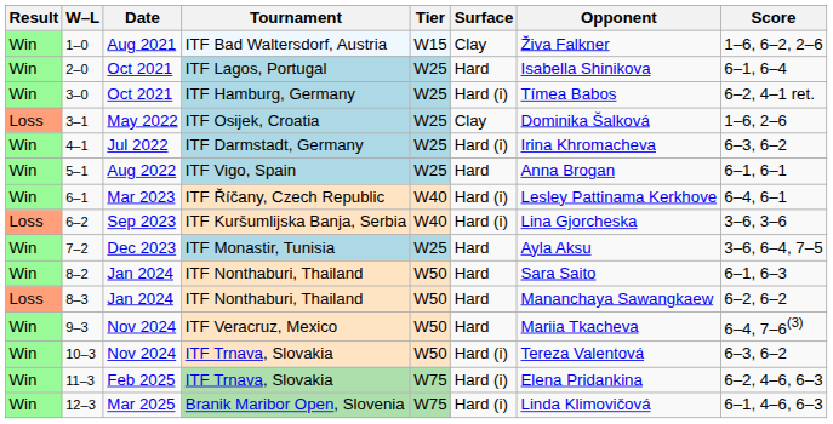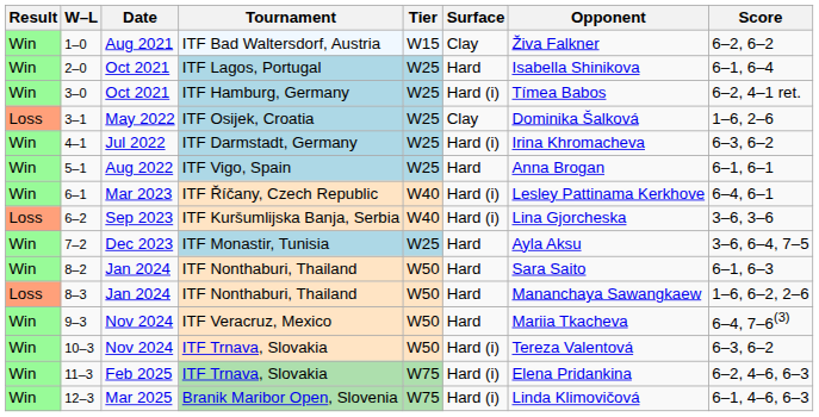 <table class="sortable wikitable">
 <tr>
 <th>Result</th>
 <th class="unsortable">W–L</th>
 <th>Date</th>
 <th>Tournament</th>
 <th>Tier</th>
 <th>Surface</th>
 <th>Opponent</th>
 <th class="unsortable">Score</th>
 </tr>
 <tr>
 <td style="background:#98fb98;">Win</td>
 <td><small>1–0</small></td>
 <td><a href='#'>Aug 2021</a></td>
 <td style="background:#f0f8ff;">ITF Bad Waltersdorf, Austria</td>
 <td style="background:#f0f8ff;">W15</td>
 <td>Clay</td>
 <td> <a href='#'>Živa Falkner</a></td>
-<td>1–6, 6–2, 2–6</td>
+<td>6–2, 6–2</td>
 </tr>
 <tr>
 <td style="background:#98fb98;">Win</td>
 <td><small>2–0</small></td>
 <td><a href='#'>Oct 2021</a></td>
 <td style="background:lightblue;">ITF Lagos, Portugal</td>
 <td style="background:lightblue;">W25</td>
 <td>Hard</td>
 <td> <a href='#'>Isabella Shinikova</a></td>
 <td>6–1, 6–4</td>
 </tr>
 <tr>
 <td style="background:#98fb98;">Win</td>
 <td><small>3–0</small></td>
 <td><a href='#'>Oct 2021</a></td>
 <td style="background:lightblue;">ITF Hamburg, Germany</td>
 <td style="background:lightblue;">W25</td>
 <td>Hard (i)</td>
 <td> <a href='#'>Tímea Babos</a></td>
 <td>6–2, 4–1 ret.</td>
 </tr>
 <tr>
 <td style="background:#ffa07a">Loss</td>
 <td><small>3–1</small></td>
 <td><a href='#'>May 2022</a></td>
 <td style="background:lightblue;">ITF Osijek, Croatia</td>
 <td style="background:lightblue;">W25</td>
 <td>Clay</td>
 <td> <a href='#'>Dominika Šalková</a></td>
 <td>1–6, 2–6</td>
 </tr>
 <tr>
 <td style="background:#98fb98;">Win</td>
 <td><small>4–1</small></td>
 <td><a href='#'>Jul 2022</a></td>
 <td style="background:lightblue;">ITF Darmstadt, Germany</td>
 <td style="background:lightblue;">W25</td>
 <td>Hard (i)</td>
 <td> <a href='#'>Irina Khromacheva</a></td>
 <td>6–3, 6–2</td>
 </tr>
 <tr>
 <td style="background:#98fb98;">Win</td>
 <td><small>5–1</small></td>
 <td><a href='#'>Aug 2022</a></td>
 <td style="background:lightblue;">ITF Vigo, Spain</td>
 <td style="background:lightblue;">W25</td>
 <td>Hard</td>
 <td> <a href='#'>Anna Brogan</a></td>
 <td>6–1, 6–1</td>
 </tr>
 <tr>
 <td style="background:#98fb98;">Win</td>
 <td><small>6–1</small></td>
 <td><a href='#'>Mar 2023</a></td>
 <td style="background:#ffe4c4;">ITF Říčany, Czech Republic</td>
 <td style="background:#ffe4c4;">W40</td>
 <td>Hard (i)</td>
 <td> <a href='#'>Lesley Pattinama Kerkhove</a></td>
 <td>6–4, 6–1</td>
 </tr>
 <tr>
 <td style="background:#ffa07a">Loss</td>
 <td><small>6–2</small></td>
 <td><a href='#'>Sep 2023</a></td>
 <td style="background:#ffe4c4;">ITF Kuršumlijska Banja, Serbia</td>
 <td style="background:#ffe4c4;">W40</td>
 <td>Hard (i)</td>
 <td> <a href='#'>Lina Gjorcheska</a></td>
 <td>3–6, 3–6</td>
 </tr>
 <tr>
 <td style="background:#98fb98;">Win</td>
 <td><small>7–2</small></td>
 <td><a href='#'>Dec 2023</a></td>
 <td style="background:lightblue;">ITF Monastir, Tunisia</td>
 <td style="background:lightblue;">W25</td>
 <td>Hard</td>
 <td> <a href='#'>Ayla Aksu</a></td>
 <td>3–6, 6–4, 7–5</td>
 </tr>
 <tr>
 <td style="background:#98fb98;">Win</td>
 <td><small>8–2</small></td>
 <td><a href='#'>Jan 2024</a></td>
 <td style="background:#ffe4c4;">ITF Nonthaburi, Thailand</td>
 <td style="background:#ffe4c4;">W50</td>
 <td>Hard</td>
 <td> <a href='#'>Sara Saito</a></td>
 <td>6–1, 6–3</td>
 </tr>
 <tr>
 <td style="background:#ffa07a;">Loss</td>
 <td><small>8–3</small></td>
 <td><a href='#'>Jan 2024</a></td>
 <td style="background:#ffe4c4;">ITF Nonthaburi, Thailand</td>
 <td style="background:#ffe4c4;">W50</td>
 <td>Hard</td>
 <td> <a href='#'>Mananchaya Sawangkaew</a></td>
-<td>6–2, 6–2</td>
+<td>1–6, 6–2, 2–6</td>
 </tr>
 <tr>
 <td style="background:#98fb98;">Win</td>
 <td><small>9–3</small></td>
 <td><a href='#'>Nov 2024</a></td>
 <td style="background:#ffe4c4;">ITF Veracruz, Mexico</td>
 <td style="background:#ffe4c4;">W50</td>
 <td>Hard</td>
 <td> <a href='#'>Mariia Tkacheva</a></td>
 <td>6–4, 7–6<sup>(3)</sup></td>
 </tr>
 <tr>
 <td style="background:#98fb98;">Win</td>
 <td><small>10–3</small></td>
 <td><a href='#'>Nov 2024</a></td>
 <td style="background:#ffe4c4;"><a href='#'>ITF Trnava</a>, Slovakia</td>
 <td style="background:#ffe4c4;">W50</td>
 <td>Hard (i)</td>
 <td> <a href='#'>Tereza Valentová</a></td>
 <td>6–3, 6–2</td>
 </tr>
 <tr>
 <td style="background:#98fb98;">Win</td>
 <td><small>11–3</small></td>
 <td><a href='#'>Feb 2025</a></td>
 <td style="background:#addfad;"><a href='#'>ITF Trnava</a>, Slovakia</td>
 <td style="background:#addfad;">W75</td>
 <td>Hard (i)</td>
 <td> <a href='#'>Elena Pridankina</a></td>
 <td>6–2, 4–6, 6–3</td>
 </tr>
 <tr>
 <td style="background:#98fb98;">Win</td>
 <td><small>12–3</small></td>
 <td><a href='#'>Mar 2025</a></td>
 <td style="background:#addfad;"><a href='#'>Branik Maribor Open</a>, Slovenia</td>
 <td style="background:#addfad;">W75</td>
 <td>Hard (i)</td>
 <td> <a href='#'>Linda Klimovičová</a></td>
 <td>6–1, 4–6, 6–3</td>
 </tr>
 </table>
